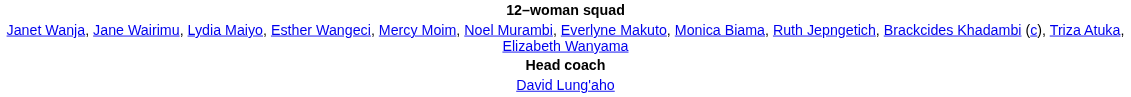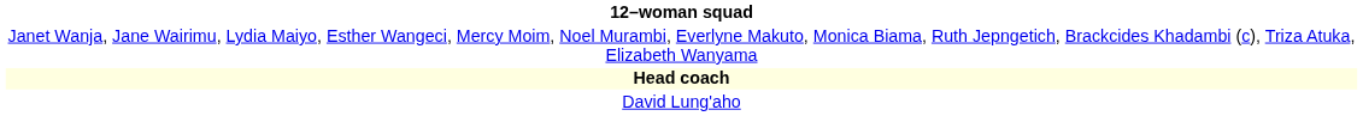 <table style="text-align: center; margin-top: 2em; margin-left: auto; margin-right: auto">
 <tr>
 <td><strong>12–woman squad</strong></td>
 </tr>
 <tr>
 <td><a href='#'>Janet Wanja</a>, <a href='#'>Jane Wairimu</a>, <a href='#'>Lydia Maiyo</a>, <a href='#'>Esther Wangeci</a>, <a href='#'>Mercy Moim</a>, <a href='#'>Noel Murambi</a>, <a href='#'>Everlyne Makuto</a>, <a href='#'>Monica Biama</a>, <a href='#'>Ruth Jepngetich</a>, <a href='#'>Brackcides Khadambi</a> (<a href='#'>c</a>), <a href='#'>Triza Atuka</a>, <a href='#'>Elizabeth Wanyama</a></td>
 </tr>
 <tr>
-<td><strong>Head coach</strong></td>
+<td style="background: lightyellow;"><strong>Head coach</strong></td>
 </tr>
 <tr>
 <td><a href='#'>David Lung'aho</a></td>
 </tr>
 </table>
